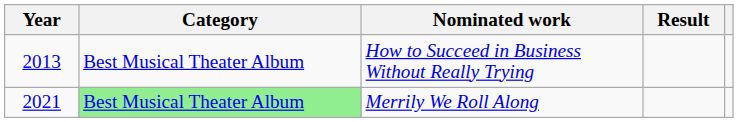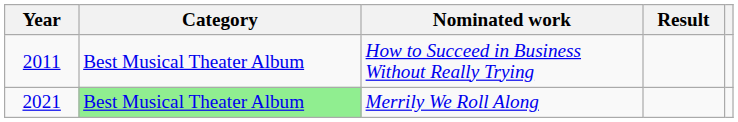 <table class=wikitable>
 <tr>
 <th scope="col" style="width:5em;">Year</th>
 <th scope="col" style="width:26em;">Category</th>
 <th scope="col" style="width:25em;">Nominated work</th>
 <th scope="col" style="width:5em;">Result</th>
 <th scope="col"></th>
 </tr>
 <tr>
-<td style="text-align:center;"><a href='#'>2013</a></td>
+<td style="text-align:center;"><a href='#'>2011</a></td>
 <td><a href='#'>Best Musical Theater Album</a></td>
 <td><em><a href='#'>How to Succeed in Business Without Really Trying</a></em></td>
 <td></td>
 <td style="text-align:center;"></td>
 </tr>
 <tr>
 <td style="text-align:center;"><a href='#'>2021</a></td>
 <td style="background: lightgreen;"><a href='#'>Best Musical Theater Album</a></td>
 <td><em><a href='#'>Merrily We Roll Along</a></em></td>
 <td></td>
 <td></td>
 </tr>
 </table>
